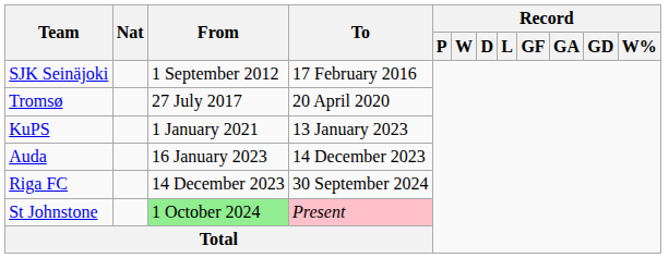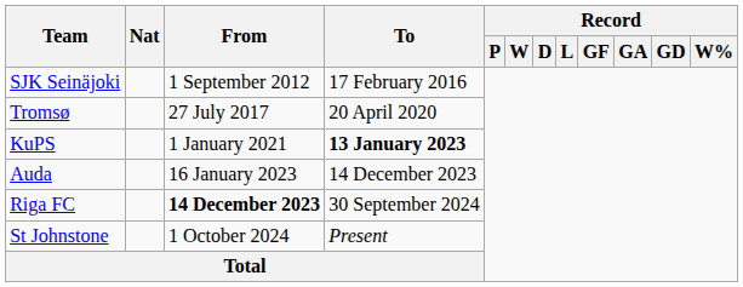 <table class="wikitable">
 <tr>
 <th rowspan="2">Team</th>
 <th rowspan="2">Nat</th>
 <th rowspan="2">From</th>
 <th rowspan="2">To</th>
 <th colspan="8">Record</th>
 </tr>
 <tr>
 <th>P</th>
 <th>W</th>
 <th>D</th>
 <th>L</th>
 <th>GF</th>
 <th>GA</th>
 <th>GD</th>
 <th>W%</th>
 </tr>
 <tr>
 <td><a href='#'>SJK Seinäjoki</a></td>
 <td></td>
 <td>1 September 2012</td>
 <td>17 February 2016<br></td>
 </tr>
 <tr>
 <td><a href='#'>Tromsø</a></td>
 <td></td>
 <td>27 July 2017</td>
 <td>20 April 2020<br></td>
 </tr>
 <tr>
 <td><a href='#'>KuPS</a></td>
 <td></td>
 <td>1 January 2021</td>
-<td>13 January 2023<br></td>
+<td><strong>13 January 2023<br></strong></td>
 </tr>
 <tr>
 <td><a href='#'>Auda</a></td>
 <td></td>
 <td>16 January 2023</td>
 <td>14 December 2023<br></td>
 </tr>
 <tr>
 <td><a href='#'>Riga FC</a></td>
 <td></td>
-<td>14 December 2023</td>
+<td><strong>14 December 2023</strong></td>
 <td>30 September 2024<br></td>
 </tr>
 <tr>
 <td><a href='#'>St Johnstone</a></td>
 <td></td>
-<td style="background: lightgreen;">1 October 2024</td>
-<td style="background: pink;"><em>Present</em><br></td>
+<td>1 October 2024</td>
+<td><em>Present</em><br></td>
 </tr>
 <tr>
 <th colspan="4">Total<br></th>
 </tr>
 </table>
